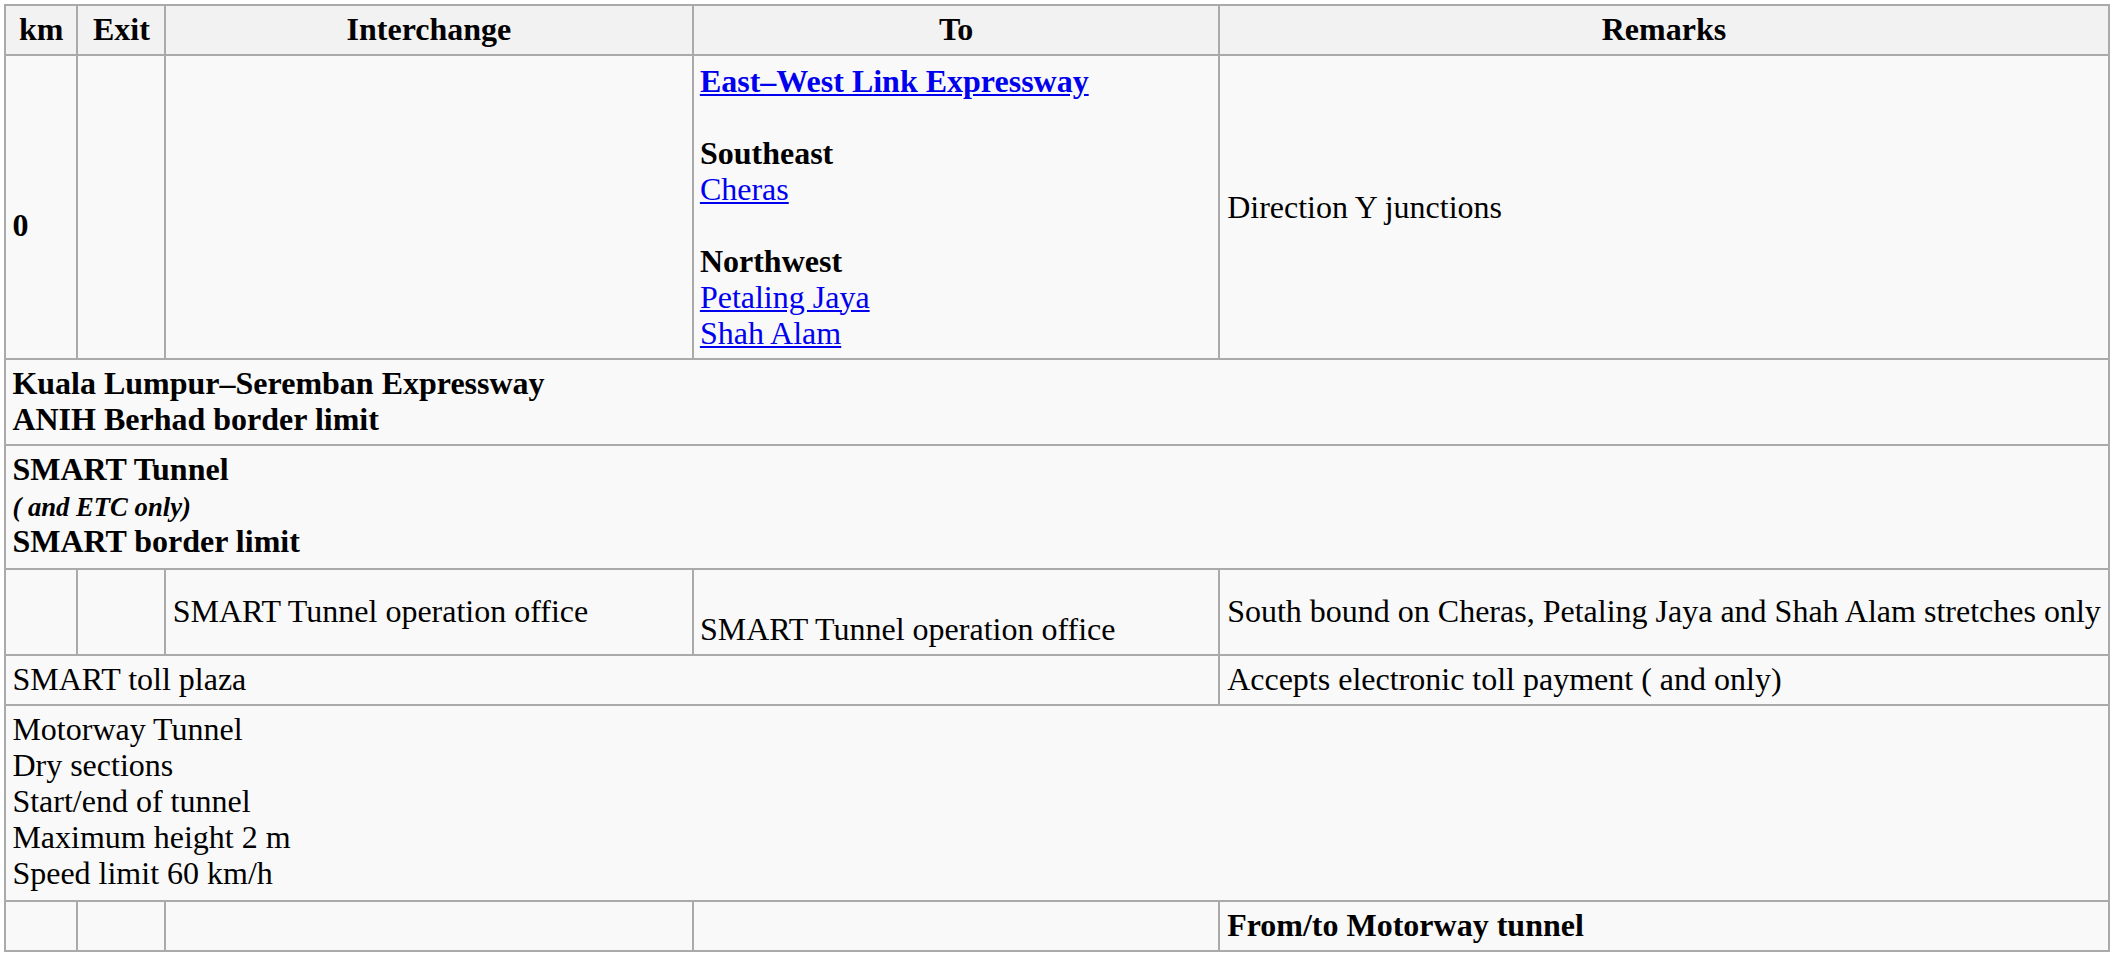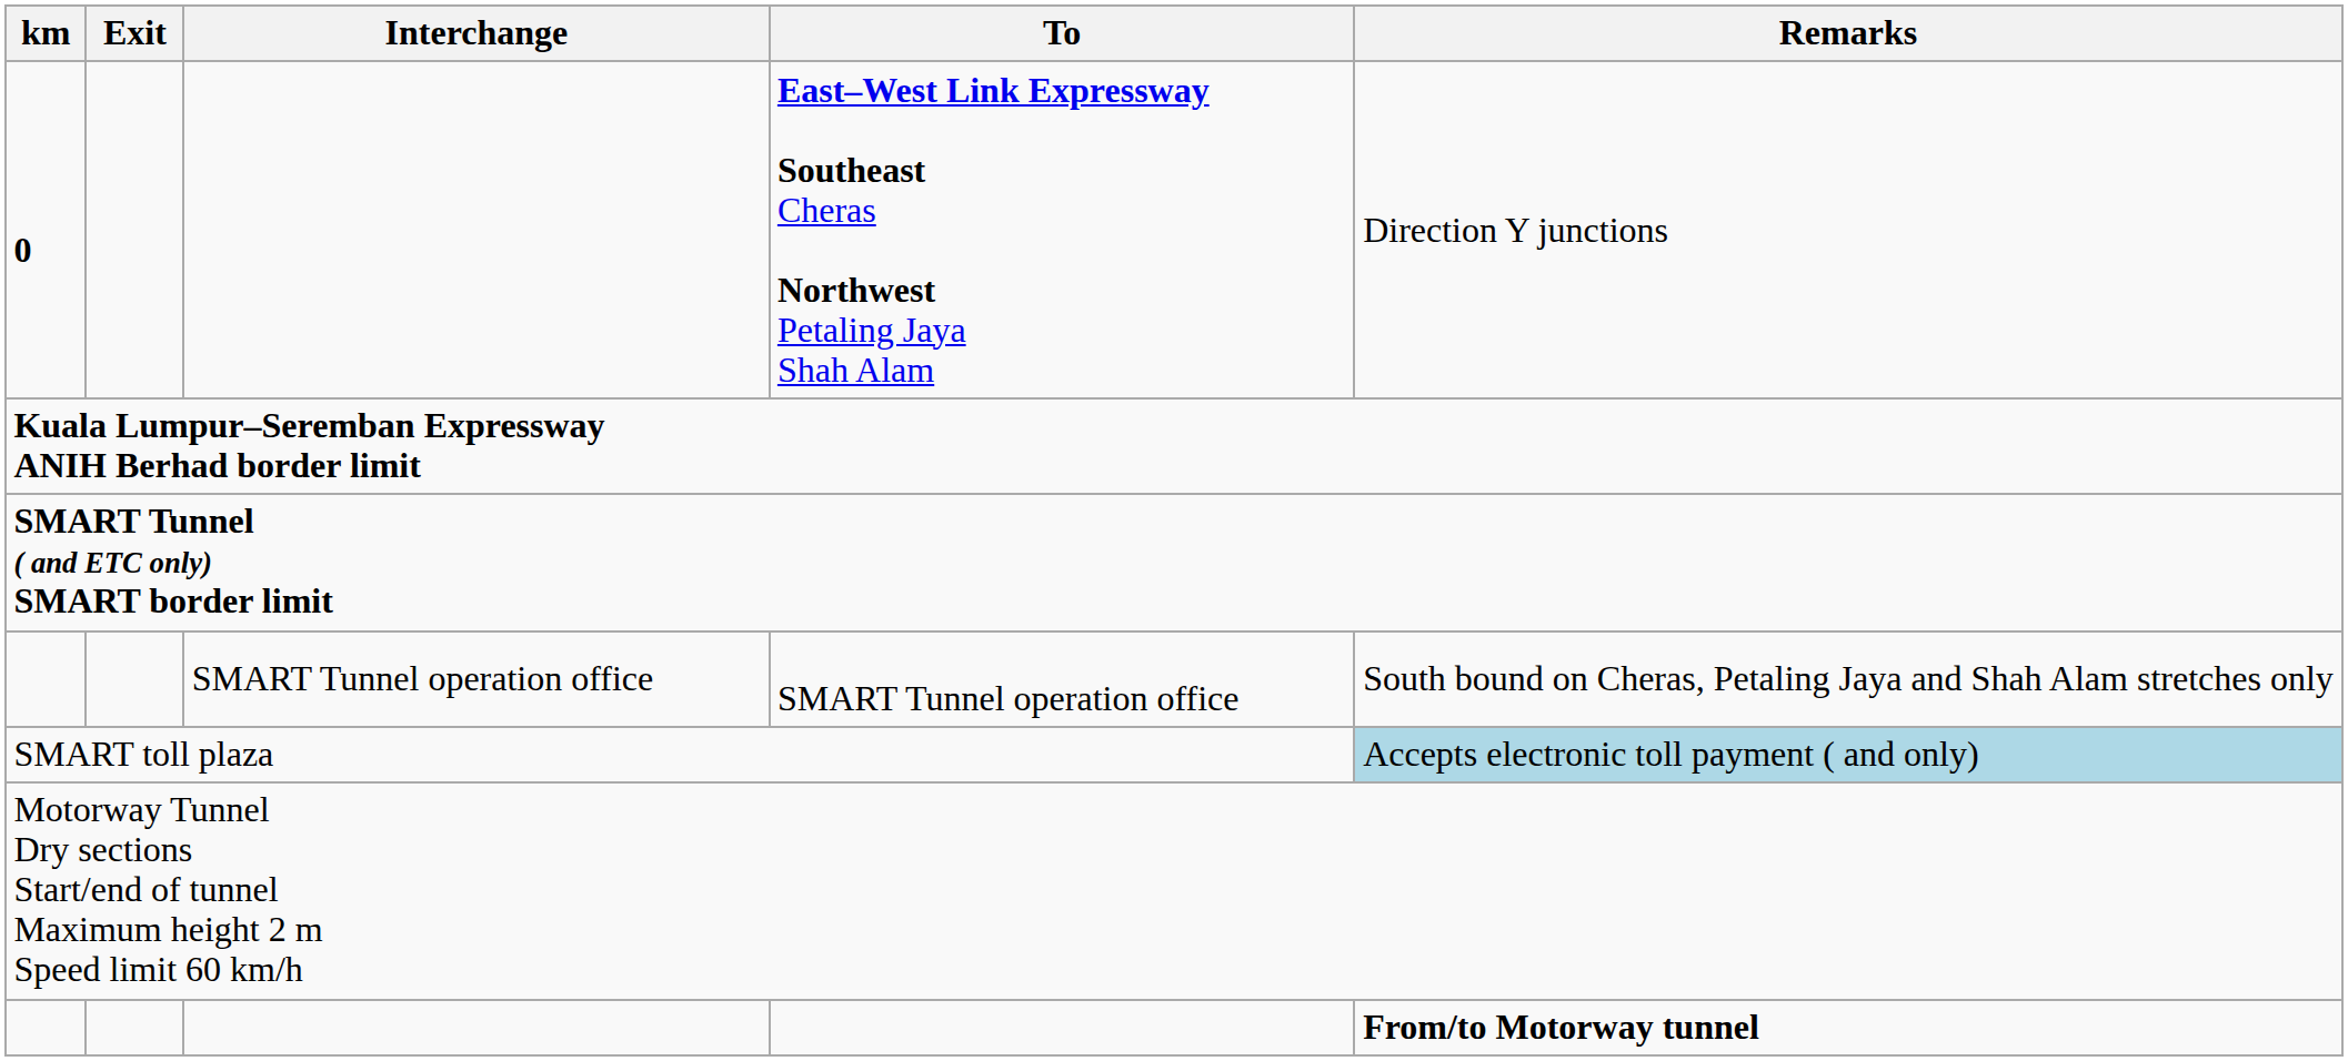 <table class="wikitable">
 <tr>
 <th>km</th>
 <th>Exit</th>
 <th>Interchange</th>
 <th>To</th>
 <th>Remarks</th>
 </tr>
 <tr>
 <td><br><strong>0</strong></td>
 <td></td>
 <td></td>
 <td> <strong><a href='#'>East–West Link Expressway</a></strong><br><br><strong>Southeast</strong><br><a href='#'>Cheras</a><br><br><strong>Northwest</strong><br><a href='#'>Petaling Jaya</a><br><a href='#'>Shah Alam</a></td>
 <td>Direction Y junctions</td>
 </tr>
 <tr>
 <td style="width:600px" colspan="5" style="text-align:center; background:green;"><strong><span> Kuala Lumpur–Seremban Expressway<br>ANIH Berhad border limit</span></strong></td>
 </tr>
 <tr>
 <td style="width:600px" colspan="5" style="text-align:center; background:green;"><strong><span>  SMART Tunnel<br><small><em>( and  ETC only)</em></small><br>SMART border limit</span></strong></td>
 </tr>
 <tr>
 <td></td>
 <td></td>
 <td>  SMART Tunnel operation office</td>
 <td>  <br>SMART Tunnel operation office</td>
 <td>South bound on Cheras, Petaling Jaya and Shah Alam stretches only</td>
 </tr>
 <tr>
 <td style="width:600px" colspan="4" style="text-align:center;"> SMART toll plaza<br></td>
-<td>Accepts electronic toll payment ( and  only)</td>
+<td style="background: lightblue;">Accepts electronic toll payment ( and  only)</td>
 </tr>
 <tr>
 <td style="width:600px" colspan="5" style="text-align:center;">Motorway Tunnel<br>Dry sections<br>Start/end of tunnel<br>Maximum height 2 m<br>Speed limit 60 km/h</td>
 </tr>
 <tr>
 <td></td>
 <td></td>
 <td></td>
 <td></td>
 <td><strong>From/to Motorway tunnel</strong></td>
 </tr>
 </table>
